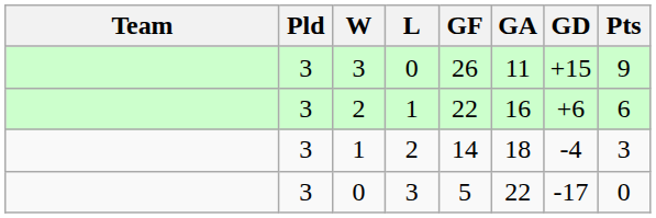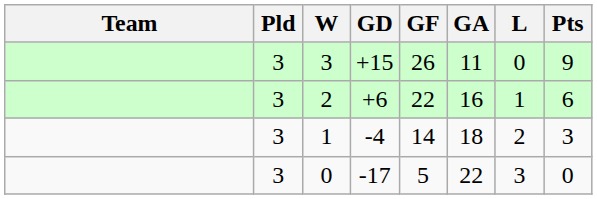 <table class="wikitable" style="text-align:center;">
 <tr>
 <th width=160>Team</th>
 <th width=25>Pld</th>
 <th width=25>W</th>
-<th width=25>L</th>
+<th width=25>GD</th>
 <th width=25>GF</th>
 <th width=25>GA</th>
-<th width=25>GD</th>
+<th width=25>L</th>
 <th width=25>Pts</th>
 </tr>
 <tr style="background:#ccffcc;">
 <td align=left></td>
 <td>3</td>
 <td>3</td>
-<td>0</td>
+<td>+15</td>
 <td>26</td>
 <td>11</td>
-<td>+15</td>
+<td>0</td>
 <td>9</td>
 </tr>
 <tr style="background:#ccffcc;">
 <td align=left></td>
 <td>3</td>
 <td>2</td>
-<td>1</td>
+<td>+6</td>
 <td>22</td>
 <td>16</td>
-<td>+6</td>
+<td>1</td>
 <td>6</td>
 </tr>
 <tr>
 <td align=left></td>
 <td>3</td>
 <td>1</td>
-<td>2</td>
+<td>-4</td>
 <td>14</td>
 <td>18</td>
-<td>-4</td>
+<td>2</td>
 <td>3</td>
 </tr>
 <tr>
 <td align=left></td>
 <td>3</td>
 <td>0</td>
-<td>3</td>
+<td>-17</td>
 <td>5</td>
 <td>22</td>
-<td>-17</td>
+<td>3</td>
 <td>0</td>
 </tr>
 </table>
